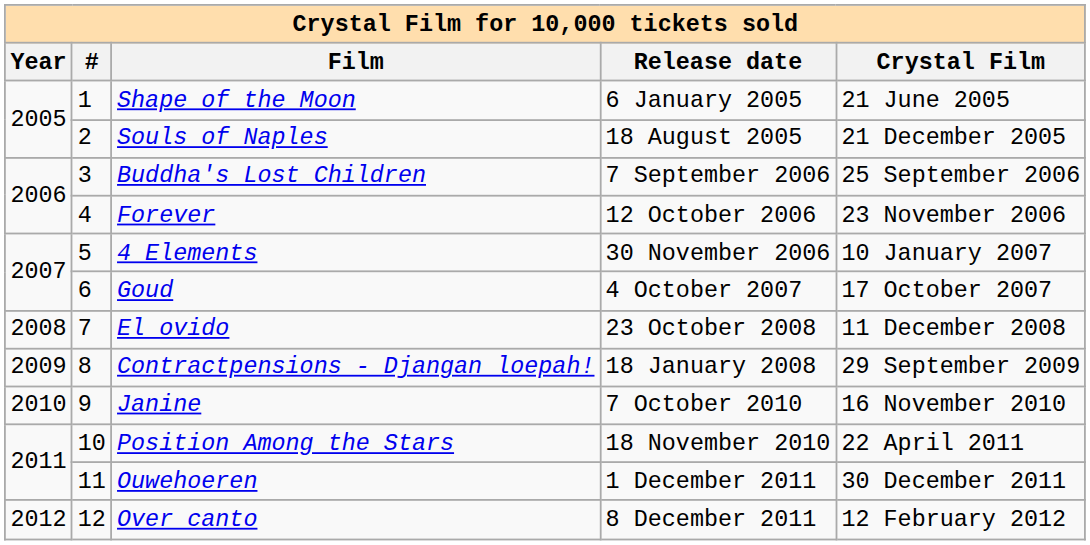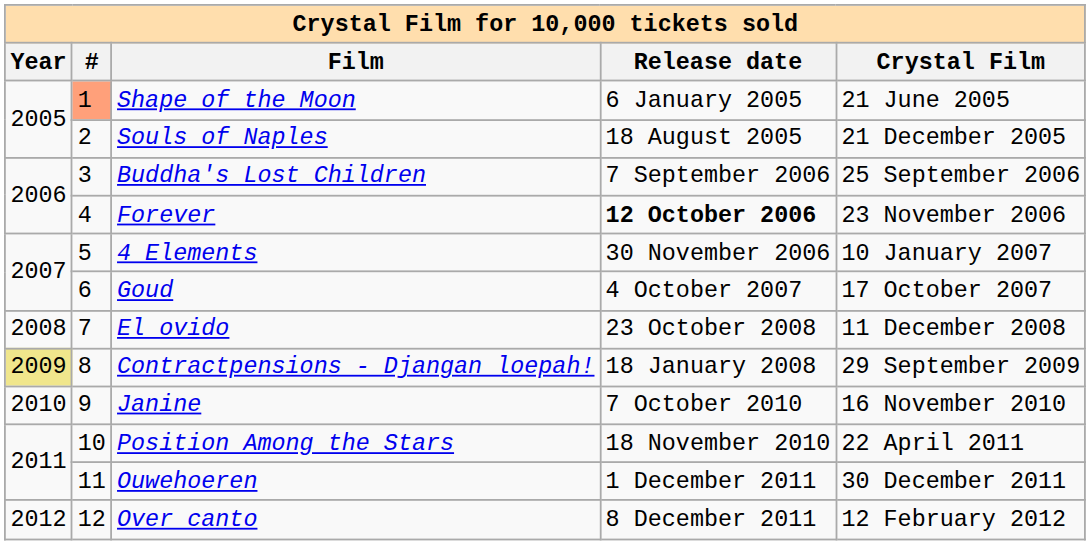 <table class="wikitable">
 <tr>
 <th colspan="5" style="background: #ffdead;">Crystal Film for 10,000 tickets sold</th>
 </tr>
 <tr>
 <th>Year</th>
 <th>#</th>
 <th>Film</th>
 <th>Release date</th>
 <th>Crystal Film</th>
 </tr>
 <tr>
 <td rowspan="2">2005</td>
-<td>1</td>
+<td style="background: lightsalmon;">1</td>
 <td><em><a href='#'>Shape of the Moon</a></em></td>
 <td>6 January 2005</td>
 <td>21 June 2005</td>
 </tr>
 <tr>
 <td>2</td>
 <td><em><a href='#'>Souls of Naples</a></em></td>
 <td>18 August 2005</td>
 <td>21 December 2005</td>
 </tr>
 <tr>
 <td rowspan="2">2006</td>
 <td>3</td>
 <td><em><a href='#'>Buddha's Lost Children</a></em></td>
 <td>7 September 2006</td>
 <td>25 September 2006</td>
 </tr>
 <tr>
 <td>4</td>
 <td><em><a href='#'>Forever</a></em></td>
-<td>12 October 2006</td>
+<td><strong>12 October 2006</strong></td>
 <td>23 November 2006</td>
 </tr>
 <tr>
 <td rowspan="2">2007</td>
 <td>5</td>
 <td><em><a href='#'>4 Elements</a></em></td>
 <td>30 November 2006</td>
 <td>10 January 2007</td>
 </tr>
 <tr>
 <td>6</td>
 <td><em><a href='#'>Goud</a></em></td>
 <td>4 October 2007</td>
 <td>17 October 2007</td>
 </tr>
 <tr>
 <td>2008</td>
 <td>7</td>
 <td><em><a href='#'>El ovido</a></em></td>
 <td>23 October 2008</td>
 <td>11 December 2008</td>
 </tr>
 <tr>
-<td>2009</td>
+<td style="background: khaki;">2009</td>
 <td>8</td>
 <td><em><a href='#'>Contractpensions - Djangan loepah!</a></em></td>
 <td>18 January 2008</td>
 <td>29 September 2009</td>
 </tr>
 <tr>
 <td>2010</td>
 <td>9</td>
 <td><em><a href='#'>Janine</a></em></td>
 <td>7 October 2010</td>
 <td>16 November 2010</td>
 </tr>
 <tr>
 <td rowspan="2">2011</td>
 <td>10</td>
 <td><em><a href='#'>Position Among the Stars</a></em></td>
 <td>18 November 2010</td>
 <td>22 April 2011</td>
 </tr>
 <tr>
 <td>11</td>
 <td><em><a href='#'>Ouwehoeren</a></em></td>
 <td>1 December 2011</td>
 <td>30 December 2011</td>
 </tr>
 <tr>
 <td>2012</td>
 <td>12</td>
 <td><em><a href='#'>Over canto</a></em></td>
 <td>8 December 2011</td>
 <td>12 February 2012</td>
 </tr>
 </table>
